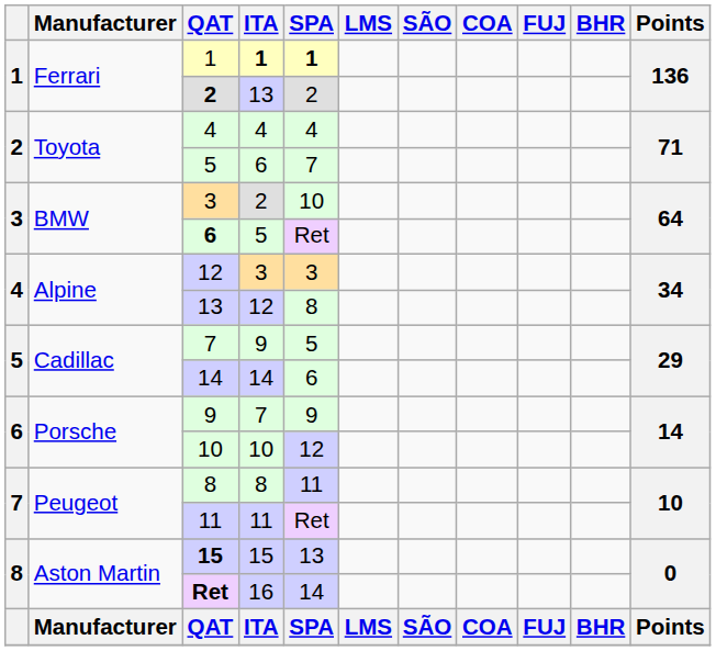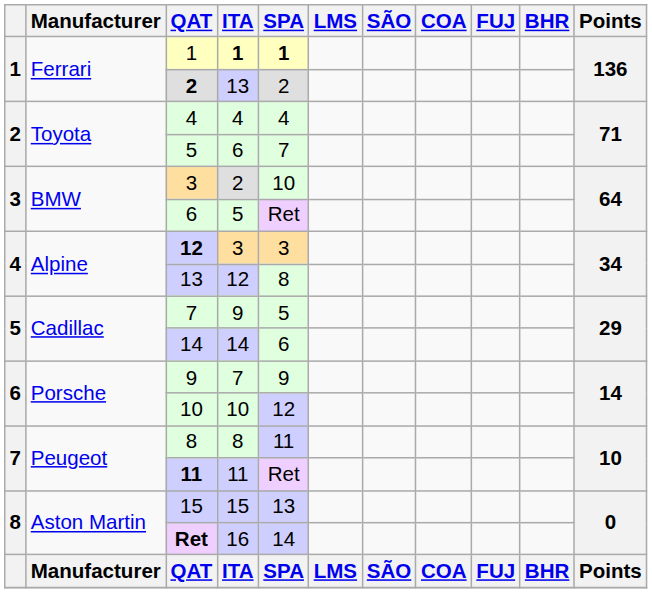 <table class="wikitable" style="font-size:85%; text-align:center;">
 <tr>
 <th></th>
 <th>Manufacturer</th>
 <th><a href='#'>QAT</a><br></th>
 <th><a href='#'>ITA</a><br></th>
 <th><a href='#'>SPA</a><br></th>
 <th><a href='#'>LMS</a><br></th>
 <th><a href='#'>SÃO</a><br></th>
 <th><a href='#'>COA</a><br></th>
 <th><a href='#'>FUJ</a><br></th>
 <th><a href='#'>BHR</a><br></th>
 <th>Points</th>
 </tr>
 <tr>
 <th rowspan=2>1</th>
 <td rowspan=2 align="left"> <a href='#'>Ferrari</a></td>
 <td style="background:#ffffbf;">1</td>
 <td style="background:#ffffbf;"><strong>1</strong></td>
 <td style="background:#ffffbf;"><strong>1</strong></td>
 <td></td>
 <td></td>
 <td></td>
 <td></td>
 <td></td>
 <th rowspan=2>136</th>
 </tr>
 <tr>
 <td style="background:#dfdfdf;"><strong>2</strong></td>
 <td style="background:#cfcfff;">13</td>
 <td style="background:#dfdfdf;">2</td>
 <td></td>
 <td></td>
 <td></td>
 <td></td>
 <td></td>
 </tr>
 <tr>
 <th rowspan=2>2</th>
 <td rowspan=2 align="left"> <a href='#'>Toyota</a></td>
 <td style="background:#dfffdf;">4</td>
 <td style="background:#dfffdf;">4</td>
 <td style="background:#dfffdf;">4</td>
 <td></td>
 <td></td>
 <td></td>
 <td></td>
 <td></td>
 <th rowspan=2>71</th>
 </tr>
 <tr>
 <td style="background:#dfffdf;">5</td>
 <td style="background:#dfffdf;">6</td>
 <td style="background:#dfffdf;">7</td>
 <td></td>
 <td></td>
 <td></td>
 <td></td>
 <td></td>
 </tr>
 <tr>
 <th rowspan=2>3</th>
 <td rowspan=2 align="left"> <a href='#'>BMW</a></td>
 <td style="background:#ffdf9f;">3</td>
 <td style="background:#dfdfdf;">2</td>
 <td style="background:#dfffdf;">10</td>
 <td></td>
 <td></td>
 <td></td>
 <td></td>
 <td></td>
 <th rowspan=2>64</th>
 </tr>
 <tr>
-<td style="background:#dfffdf;"><strong>6</strong></td>
+<td style="background:#dfffdf;">6</td>
 <td style="background:#dfffdf;">5</td>
 <td style="background:#efcfff;">Ret</td>
 <td></td>
 <td></td>
 <td></td>
 <td></td>
 <td></td>
 </tr>
 <tr>
 <th rowspan=2>4</th>
 <td rowspan=2 align="left"> <a href='#'>Alpine</a></td>
-<td style="background:#cfcfff;">12</td>
+<td style="background:#cfcfff;"><strong>12</strong></td>
 <td style="background:#ffdf9f;">3</td>
 <td style="background:#ffdf9f;">3</td>
 <td></td>
 <td></td>
 <td></td>
 <td></td>
 <td></td>
 <th rowspan=2>34</th>
 </tr>
 <tr>
 <td style="background:#cfcfff;">13</td>
 <td style="background:#cfcfff;">12</td>
 <td style="background:#dfffdf;">8</td>
 <td></td>
 <td></td>
 <td></td>
 <td></td>
 <td></td>
 </tr>
 <tr>
 <th rowspan=2>5</th>
 <td rowspan=2 align="left"> <a href='#'>Cadillac</a></td>
 <td style="background:#dfffdf;">7</td>
 <td style="background:#dfffdf;">9</td>
 <td style="background:#dfffdf;">5</td>
 <td></td>
 <td></td>
 <td></td>
 <td></td>
 <td></td>
 <th rowspan=2>29</th>
 </tr>
 <tr>
 <td style="background:#cfcfff;">14</td>
 <td style="background:#cfcfff;">14</td>
 <td style="background:#dfffdf;">6</td>
 <td></td>
 <td></td>
 <td></td>
 <td></td>
 <td></td>
 </tr>
 <tr>
 <th rowspan=2>6</th>
 <td rowspan=2 align="left"> <a href='#'>Porsche</a></td>
 <td style="background:#dfffdf;">9</td>
 <td style="background:#dfffdf;">7</td>
 <td style="background:#dfffdf;">9</td>
 <td></td>
 <td></td>
 <td></td>
 <td></td>
 <td></td>
 <th rowspan=2>14</th>
 </tr>
 <tr>
 <td style="background:#dfffdf;">10</td>
 <td style="background:#dfffdf;">10</td>
 <td style="background:#cfcfff;">12</td>
 <td></td>
 <td></td>
 <td></td>
 <td></td>
 <td></td>
 </tr>
 <tr>
 <th rowspan=2>7</th>
 <td rowspan=2 align="left"> <a href='#'>Peugeot</a></td>
 <td style="background:#dfffdf;">8</td>
 <td style="background:#dfffdf;">8</td>
 <td style="background:#cfcfff;">11</td>
 <td></td>
 <td></td>
 <td></td>
 <td></td>
 <td></td>
 <th rowspan=2>10</th>
 </tr>
 <tr>
-<td style="background:#cfcfff;">11</td>
+<td style="background:#cfcfff;"><strong>11</strong></td>
 <td style="background:#cfcfff;">11</td>
 <td style="background:#efcfff;">Ret</td>
 <td></td>
 <td></td>
 <td></td>
 <td></td>
 <td></td>
 </tr>
 <tr>
 <th rowspan=2>8</th>
 <td rowspan=2 align="left"> <a href='#'>Aston Martin</a></td>
-<td style="background:#cfcfff;"><strong>15</strong></td>
+<td style="background:#cfcfff;">15</td>
 <td style="background:#cfcfff;">15</td>
 <td style="background:#cfcfff;">13</td>
 <td></td>
 <td></td>
 <td></td>
 <td></td>
 <td></td>
 <th rowspan=2>0</th>
 </tr>
 <tr>
 <td style="background:#efcfff;"><strong>Ret</strong></td>
 <td style="background:#cfcfff;">16</td>
 <td style="background:#cfcfff;">14</td>
 <td></td>
 <td></td>
 <td></td>
 <td></td>
 <td></td>
 </tr>
 <tr>
 <th></th>
 <th>Manufacturer</th>
 <th><a href='#'>QAT</a><br></th>
 <th><a href='#'>ITA</a><br></th>
 <th><a href='#'>SPA</a><br></th>
 <th><a href='#'>LMS</a><br></th>
 <th><a href='#'>SÃO</a><br></th>
 <th><a href='#'>COA</a><br></th>
 <th><a href='#'>FUJ</a><br></th>
 <th><a href='#'>BHR</a><br></th>
 <th>Points</th>
 </tr>
 <tr>
 </tr>
 </table>
